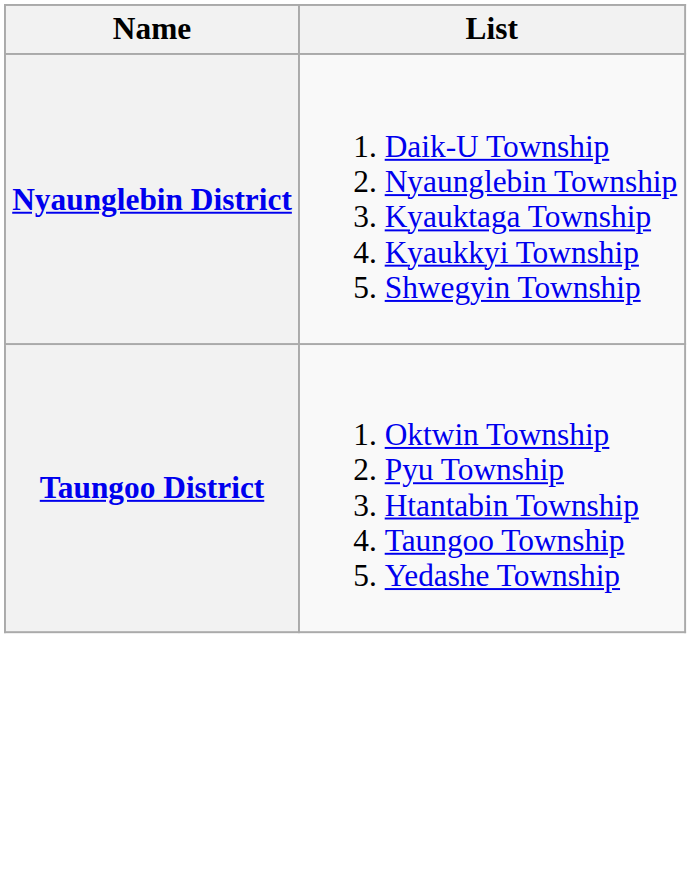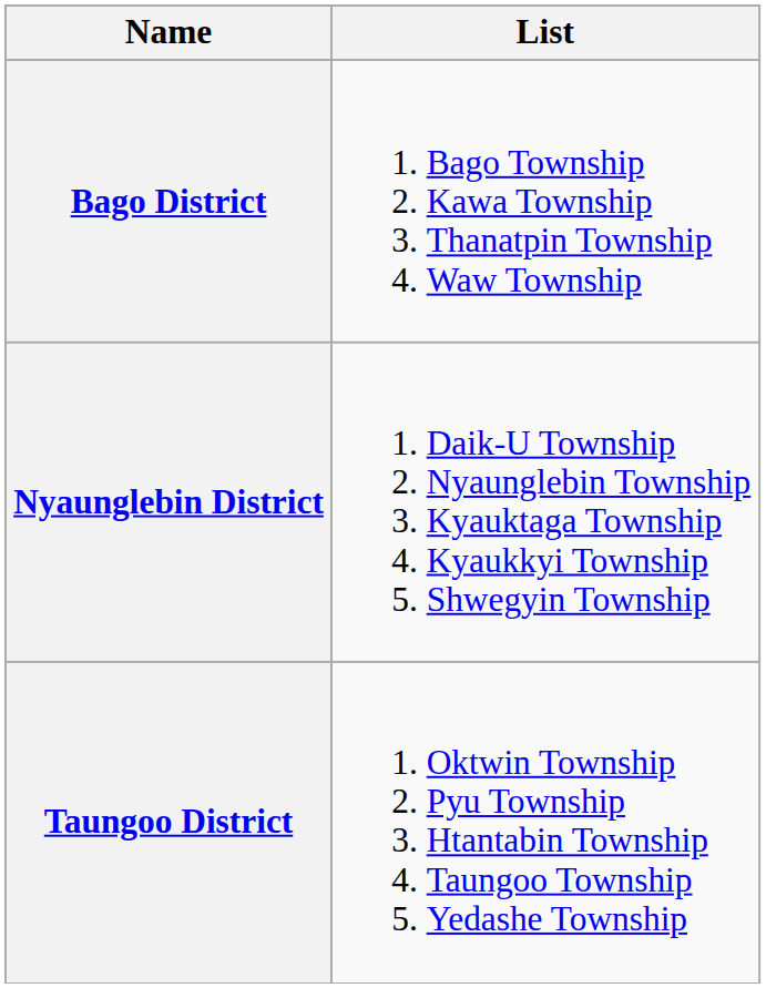 <table class=wikitable>
 <tr>
 <th>Name</th>
 <th>List</th>
+</tr>
+<tr>
+<th><a href='#'>Bago District</a></th>
+<td><br><ol><li><a href='#'>Bago Township</a></li><li><a href='#'>Kawa Township</a></li><li><a href='#'>Thanatpin Township</a></li><li><a href='#'>Waw Township</a></li></ol></td>
 </tr>
 <tr>
 <th><a href='#'>Nyaunglebin District</a></th>
 <td><br><ol><li><a href='#'>Daik-U Township</a></li><li><a href='#'>Nyaunglebin Township</a></li><li><a href='#'>Kyauktaga Township</a></li><li><a href='#'>Kyaukkyi Township</a></li><li><a href='#'>Shwegyin Township</a></li></ol></td>
 </tr>
 <tr>
 <th><a href='#'>Taungoo District</a></th>
 <td><br><ol><li><a href='#'>Oktwin Township</a></li><li><a href='#'>Pyu Township</a></li><li><a href='#'>Htantabin Township</a></li><li><a href='#'>Taungoo Township</a></li><li><a href='#'>Yedashe Township</a></li></ol></td>
 </tr>
 </table>
